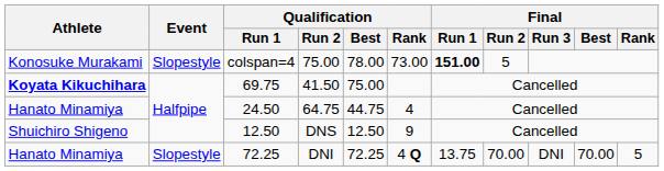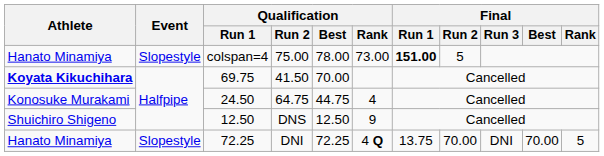 <table class=wikitable style=font-size:90%;text-align:center>
 <tr>
 <th rowspan=2>Athlete</th>
 <th rowspan=2>Event</th>
 <th colspan=4>Qualification</th>
 <th colspan=5>Final</th>
 </tr>
 <tr style=font-size:95%>
 <th>Run 1</th>
 <th>Run 2</th>
 <th>Best</th>
 <th>Rank</th>
 <th>Run 1</th>
 <th>Run 2</th>
 <th>Run 3</th>
 <th>Best</th>
 <th>Rank</th>
 </tr>
 <tr align=center>
-<td align=left><a href='#'>Konosuke Murakami</a></td>
+<td align=left><a href='#'>Hanato Minamiya</a></td>
 <td align=left><a href='#'>Slopestyle</a></td>
 <td>colspan=4 </td>
 <td>75.00</td>
 <td>78.00</td>
 <td>73.00</td>
 <td><strong>151.00</strong></td>
 <td>5</td>
 </tr>
 <tr align=center>
 <td align=left><strong><a href='#'>Koyata Kikuchihara</a></strong></td>
 <td align=left rowspan=3><a href='#'>Halfpipe</a></td>
 <td>69.75</td>
 <td>41.50</td>
-<td>75.00</td>
+<td>70.00</td>
 <td></td>
 <td colspan=5>Cancelled</td>
 </tr>
 <tr align=center>
-<td align=left><a href='#'>Hanato Minamiya</a></td>
+<td align=left><a href='#'>Konosuke Murakami</a></td>
 <td>24.50</td>
 <td>64.75</td>
 <td>44.75</td>
 <td>4</td>
 <td colspan=5>Cancelled</td>
 </tr>
 <tr align=center>
 <td align=left><a href='#'>Shuichiro Shigeno</a></td>
 <td>12.50</td>
 <td>DNS</td>
 <td>12.50</td>
 <td>9</td>
 <td colspan=5>Cancelled</td>
 </tr>
 <tr align=center>
 <td align=left><a href='#'>Hanato Minamiya</a></td>
 <td align=left><a href='#'>Slopestyle</a></td>
 <td>72.25</td>
 <td>DNI</td>
 <td>72.25</td>
 <td>4 <strong>Q</strong></td>
 <td>13.75</td>
 <td>70.00</td>
 <td>DNI</td>
 <td>70.00</td>
 <td>5</td>
 </tr>
 </table>
